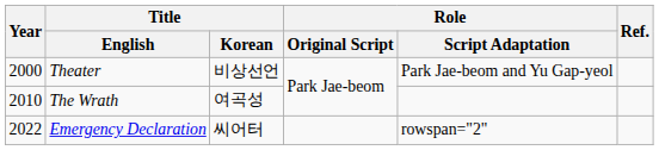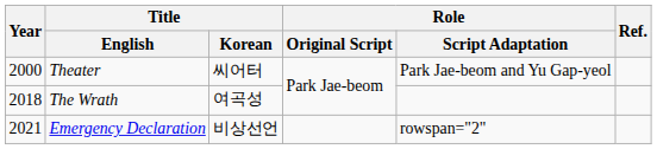 <table class="wikitable plainrowheaders">
 <tr>
 <th rowspan="2">Year</th>
 <th colspan="2">Title</th>
 <th colspan="2">Role</th>
 <th rowspan="2" style="text-align:center; ">Ref.</th>
 </tr>
 <tr>
 <th>English</th>
 <th>Korean</th>
 <th>Original Script</th>
 <th>Script Adaptation</th>
 </tr>
 <tr>
 <td>2000</td>
 <td><em>Theater</em></td>
-<td>비상선언</td>
+<td>씨어터</td>
 <td rowspan="2">Park Jae-beom</td>
 <td>Park Jae-beom and Yu Gap-yeol</td>
 <td></td>
 </tr>
 <tr>
-<td>2010</td>
+<td>2018</td>
 <td><em>The Wrath</em></td>
 <td>여곡성</td>
 <td></td>
 </tr>
 <tr>
-<td>2022</td>
+<td>2021</td>
 <td><em><a href='#'>Emergency Declaration</a></em></td>
-<td>씨어터</td>
+<td>비상선언</td>
 <td></td>
 <td>rowspan="2" </td>
 <td></td>
 </tr>
 </table>
